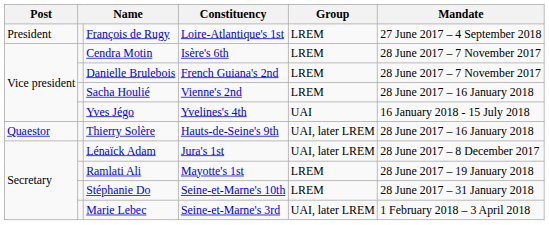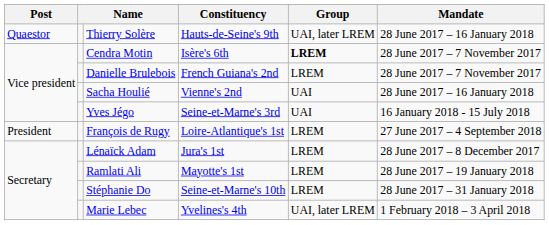 <table class="wikitable" style="font-size:95%;">
 <tr>
 <th>Post</th>
 <th colspan=2>Name</th>
 <th>Constituency</th>
 <th>Group</th>
 <th>Mandate</th>
 </tr>
 <tr>
-<td>President</td>
+<td><a href='#'>Quaestor</a></td>
 <td style="background:"></td>
-<td><a href='#'>François de Rugy</a></td>
-<td><a href='#'>Loire-Atlantique's 1st</a></td>
-<td>LREM</td>
-<td>27 June 2017 – 4 September 2018 </td>
+<td><a href='#'>Thierry Solère</a></td>
+<td><a href='#'>Hauts-de-Seine's 9th</a></td>
+<td>UAI, later LREM</td>
+<td>28 June 2017 – 16 January 2018 </td>
 </tr>
 <tr>
 <td rowspan=4>Vice president</td>
 <td style="background:"></td>
 <td><a href='#'>Cendra Motin</a></td>
 <td><a href='#'>Isère's 6th</a></td>
-<td>LREM</td>
+<td><strong>LREM</strong></td>
 <td>28 June 2017 – 7 November 2017 </td>
 </tr>
 <tr>
 <td style="background:"></td>
 <td><a href='#'>Danielle Brulebois</a></td>
 <td><a href='#'>French Guiana's 2nd</a></td>
 <td>LREM</td>
 <td>28 June 2017 – 7 November 2017 </td>
 </tr>
 <tr>
 <td style="background:"></td>
 <td><a href='#'>Sacha Houlié</a></td>
 <td><a href='#'>Vienne's 2nd</a></td>
-<td>LREM</td>
+<td>UAI</td>
 <td>28 June 2017 – 16 January 2018 </td>
 </tr>
 <tr>
 <td style="background:"></td>
 <td><a href='#'>Yves Jégo</a></td>
-<td><a href='#'>Yvelines's 4th</a></td>
+<td><a href='#'>Seine-et-Marne's 3rd</a></td>
 <td>UAI</td>
 <td>16 January 2018 - 15 July 2018</td>
 </tr>
 <tr>
-<td><a href='#'>Quaestor</a></td>
+<td>President</td>
 <td style="background:"></td>
-<td><a href='#'>Thierry Solère</a></td>
-<td><a href='#'>Hauts-de-Seine's 9th</a></td>
-<td>UAI, later LREM</td>
-<td>28 June 2017 – 16 January 2018 </td>
+<td><a href='#'>François de Rugy</a></td>
+<td><a href='#'>Loire-Atlantique's 1st</a></td>
+<td>LREM</td>
+<td>27 June 2017 – 4 September 2018 </td>
 </tr>
 <tr>
 <td rowspan=4>Secretary</td>
 <td style="background:"></td>
 <td><a href='#'>Lénaïck Adam</a></td>
 <td><a href='#'>Jura's 1st</a></td>
-<td>UAI, later LREM</td>
+<td>LREM</td>
 <td>28 June 2017 – 8 December 2017</td>
 </tr>
 <tr>
 <td style="background:"></td>
 <td><a href='#'>Ramlati Ali</a></td>
 <td><a href='#'>Mayotte's 1st</a></td>
 <td>LREM</td>
 <td>28 June 2017 – 19 January 2018</td>
 </tr>
 <tr>
 <td style="background:"></td>
 <td><a href='#'>Stéphanie Do</a></td>
 <td><a href='#'>Seine-et-Marne's 10th</a></td>
 <td>LREM</td>
 <td>28 June 2017 – 31 January 2018</td>
 </tr>
 <tr>
 <td style="background:"></td>
 <td><a href='#'>Marie Lebec</a></td>
-<td><a href='#'>Seine-et-Marne's 3rd</a></td>
+<td><a href='#'>Yvelines's 4th</a></td>
 <td>UAI, later LREM</td>
 <td>1 February 2018 – 3 April 2018</td>
 </tr>
 </table>
